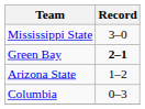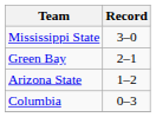 <table class="wikitable" style="text-align:center">
 <tr>
 <th>Team</th>
 <th>Record</th>
 </tr>
 <tr>
 <td align=left><a href='#'>Mississippi State</a></td>
 <td>3–0</td>
 </tr>
 <tr>
 <td align=left><a href='#'>Green Bay</a></td>
-<td><strong>2–1</strong></td>
+<td>2–1</td>
 </tr>
 <tr>
 <td align=left><a href='#'>Arizona State</a></td>
 <td>1–2</td>
 </tr>
 <tr>
 <td align=left><a href='#'>Columbia</a></td>
 <td>0–3</td>
 </tr>
 <tr>
 </tr>
 </table>
